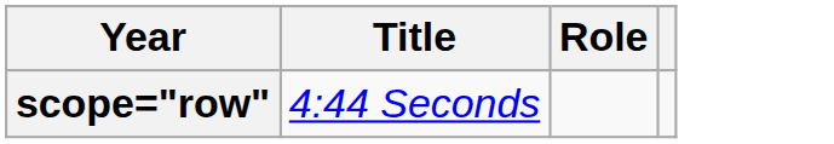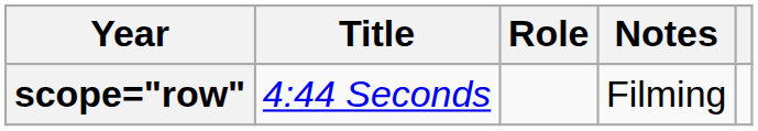 <table class="wikitable plainrowheaders sortable">
 <tr>
 <th scope="col">Year</th>
 <th scope="col">Title</th>
 <th scope="col">Role</th>
+<th scope="col">Notes</th>
 <th scope="col" class="unsortable"></th>
 </tr>
 <tr>
 <th>scope="row" </th>
 <td><em><a href='#'>4:44 Seconds</a></em></td>
 <td></td>
+<td>Filming</td>
 <td style="text-align:center"></td>
 </tr>
 </table>
